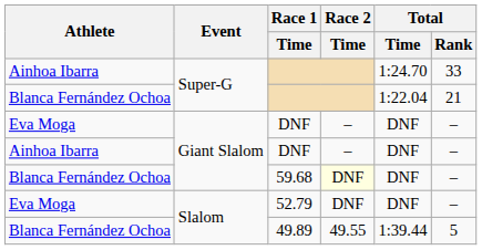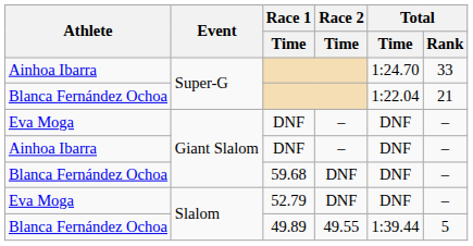 <table class="wikitable" style="font-size:90%">
 <tr>
 <th rowspan="2">Athlete</th>
 <th rowspan="2">Event</th>
 <th>Race 1</th>
 <th>Race 2</th>
 <th colspan="2">Total</th>
 </tr>
 <tr>
 <th>Time</th>
 <th>Time</th>
 <th>Time</th>
 <th>Rank</th>
 </tr>
 <tr>
 <td><a href='#'>Ainhoa Ibarra</a></td>
 <td rowspan="2">Super-G</td>
 <td colspan="2" bgcolor="wheat"></td>
 <td align="center">1:24.70</td>
 <td align="center">33</td>
 </tr>
 <tr>
 <td><a href='#'>Blanca Fernández Ochoa</a></td>
 <td colspan="2" bgcolor="wheat"></td>
 <td align="center">1:22.04</td>
 <td align="center">21</td>
 </tr>
 <tr>
 <td><a href='#'>Eva Moga</a></td>
 <td rowspan="3">Giant Slalom</td>
 <td align="center">DNF</td>
 <td align="center">–</td>
 <td align="center">DNF</td>
 <td align="center">–</td>
 </tr>
 <tr>
 <td><a href='#'>Ainhoa Ibarra</a></td>
 <td align="center">DNF</td>
 <td align="center">–</td>
 <td align="center">DNF</td>
 <td align="center">–</td>
 </tr>
 <tr>
 <td><a href='#'>Blanca Fernández Ochoa</a></td>
 <td align="center">59.68</td>
-<td align="center" style="background: lightyellow;">DNF</td>
+<td align="center">DNF</td>
 <td align="center">DNF</td>
 <td align="center">–</td>
 </tr>
 <tr>
 <td><a href='#'>Eva Moga</a></td>
 <td rowspan="2">Slalom</td>
 <td align="center">52.79</td>
 <td align="center">DNF</td>
 <td align="center">DNF</td>
 <td align="center">–</td>
 </tr>
 <tr>
 <td><a href='#'>Blanca Fernández Ochoa</a></td>
 <td align="center">49.89</td>
 <td align="center">49.55</td>
 <td align="center">1:39.44</td>
 <td align="center">5</td>
 </tr>
 </table>
